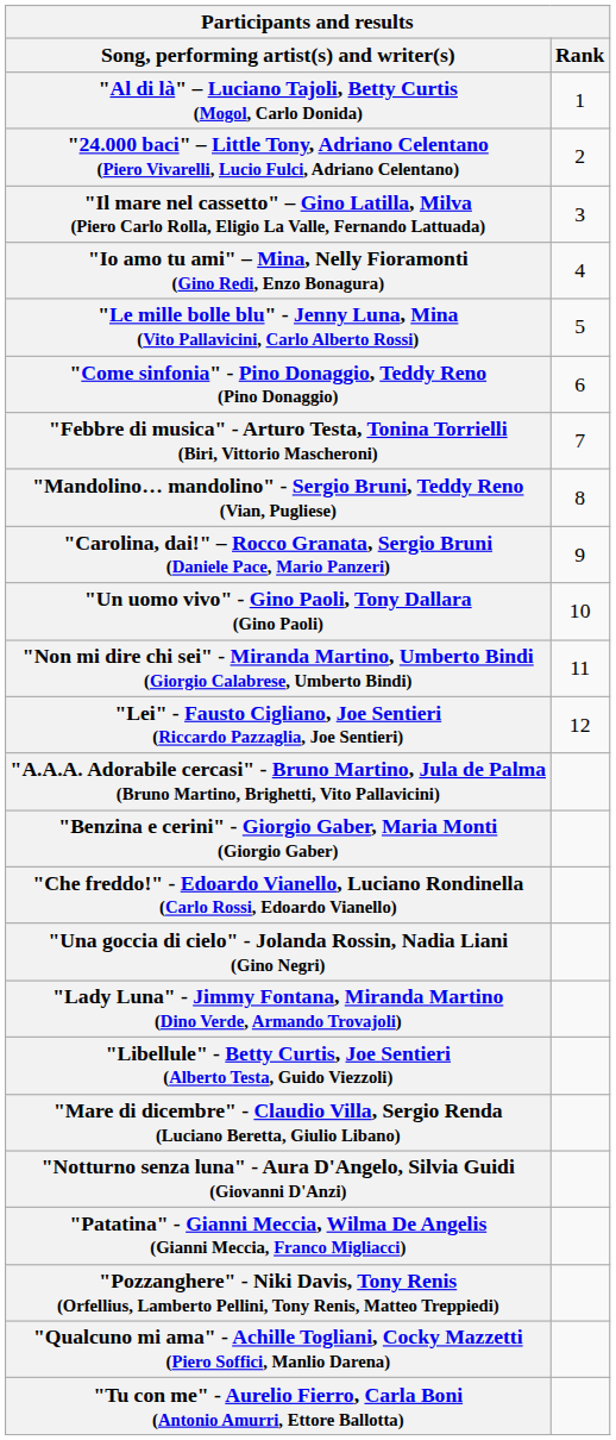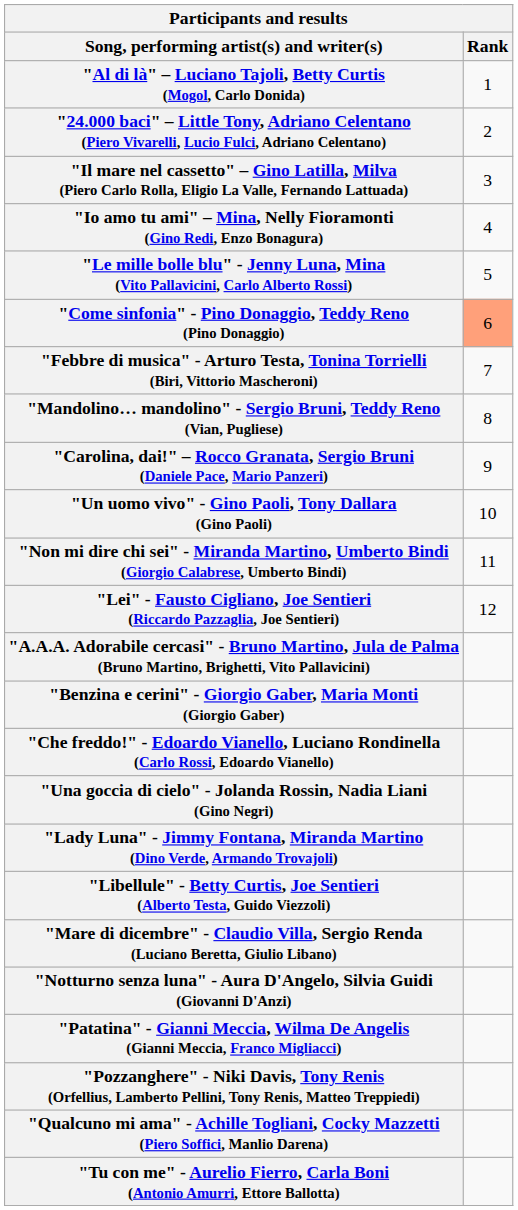 <table class="plainrowheaders wikitable">
 <tr>
 <th colspan="3">Participants and results</th>
 </tr>
 <tr>
 <th>Song, performing artist(s) and writer(s)</th>
 <th>Rank</th>
 </tr>
 <tr>
 <th scope="row">"<a href='#'>Al di là</a>" – <a href='#'>Luciano Tajoli</a>, <a href='#'>Betty Curtis</a>  <br><small> (<a href='#'>Mogol</a>, Carlo Donida) </small></th>
 <td style="text-align:center;">1</td>
 </tr>
 <tr>
 <th scope="row">"<a href='#'>24.000 baci</a>" – <a href='#'>Little Tony</a>, <a href='#'>Adriano Celentano</a>  <br><small>   (<a href='#'>Piero Vivarelli</a>, <a href='#'>Lucio Fulci</a>, Adriano Celentano)   </small></th>
 <td style="text-align:center;">2</td>
 </tr>
 <tr>
 <th scope="row">"Il mare nel cassetto" – <a href='#'>Gino Latilla</a>, <a href='#'>Milva</a>   <br><small> 	 (Piero Carlo Rolla, Eligio La Valle, Fernando Lattuada)</small></th>
 <td style="text-align:center;">3</td>
 </tr>
 <tr>
 <th scope="row">"Io amo tu ami"  –  	 <a href='#'>Mina</a>, Nelly Fioramonti  <br><small>   (<a href='#'>Gino Redi</a>, Enzo Bonagura)</small></th>
 <td style="text-align:center;">4</td>
 </tr>
 <tr>
 <th scope="row">"<a href='#'>Le mille bolle blu</a>" - <a href='#'>Jenny Luna</a>,   <a href='#'>Mina</a>   <br><small>    (<a href='#'>Vito Pallavicini</a>, <a href='#'>Carlo Alberto Rossi</a>)</small></th>
 <td style="text-align:center;">5</td>
 </tr>
 <tr>
 <th scope="row">"<a href='#'>Come sinfonia</a>" -  	<a href='#'>Pino Donaggio</a>, <a href='#'>Teddy Reno</a>  <br><small>   (Pino Donaggio)</small></th>
-<td style="text-align:center;">6</td>
+<td style="background: lightsalmon; text-align:center;">6</td>
 </tr>
 <tr>
 <th scope="row">"Febbre di musica" - Arturo Testa, <a href='#'>Tonina Torrielli</a>  <br><small>   (Biri, Vittorio Mascheroni)</small></th>
 <td style="text-align:center;">7</td>
 </tr>
 <tr>
 <th scope="row">"Mandolino… mandolino" -  <a href='#'>Sergio Bruni</a>, <a href='#'>Teddy Reno</a>   <br><small> 	 	 	 	(Vian, Pugliese)</small></th>
 <td style="text-align:center;">8</td>
 </tr>
 <tr>
 <th scope="row">"Carolina, dai!" – 	<a href='#'>Rocco Granata</a>, <a href='#'>Sergio Bruni</a>   <br><small>  	 	 	  (<a href='#'>Daniele Pace</a>, <a href='#'>Mario Panzeri</a>)</small></th>
 <td style="text-align:center;">9</td>
 </tr>
 <tr>
 <th scope="row">"Un uomo vivo" -  	<a href='#'>Gino Paoli</a>, <a href='#'>Tony Dallara</a>   <br><small>     (Gino Paoli)</small></th>
 <td style="text-align:center;">10</td>
 </tr>
 <tr>
 <th scope="row">"Non mi dire chi sei" - <a href='#'>Miranda Martino</a>, <a href='#'>Umberto Bindi</a>  <br><small>   (<a href='#'>Giorgio Calabrese</a>, Umberto Bindi)</small></th>
 <td style="text-align:center;">11</td>
 </tr>
 <tr>
 <th scope="row">"Lei" -   <a href='#'>Fausto Cigliano</a>, <a href='#'>Joe Sentieri</a> <br><small> 	  (<a href='#'>Riccardo Pazzaglia</a>, Joe Sentieri)</small></th>
 <td style="text-align:center;">12</td>
 </tr>
 <tr>
 <th scope="row">"A.A.A. Adorabile cercasi" -  <a href='#'>Bruno Martino</a>, <a href='#'>Jula de Palma</a> <br><small> 	  (Bruno Martino, Brighetti, Vito Pallavicini)</small></th>
 <td></td>
 </tr>
 <tr>
 <th scope="row">"Benzina e cerini" - <a href='#'>Giorgio Gaber</a>, <a href='#'>Maria Monti</a>  <br><small> 	(Giorgio Gaber)</small></th>
 <td></td>
 </tr>
 <tr>
 <th scope="row">"Che freddo!" - <a href='#'>Edoardo Vianello</a>, Luciano Rondinella  <br><small>  	  (<a href='#'>Carlo Rossi</a>, Edoardo Vianello)</small></th>
 <td></td>
 </tr>
 <tr>
 <th scope="row">"Una goccia di cielo" - Jolanda Rossin, Nadia Liani <br><small>  	 (Gino Negri)</small></th>
 <td></td>
 </tr>
 <tr>
 <th scope="row">"Lady Luna" - <a href='#'>Jimmy Fontana</a>, <a href='#'>Miranda Martino</a>     <br><small>  (<a href='#'>Dino Verde</a>, <a href='#'>Armando Trovajoli</a>) </small></th>
 <td></td>
 </tr>
 <tr>
 <th scope="row">"Libellule" -    <a href='#'>Betty Curtis</a>, <a href='#'>Joe Sentieri</a>  <br><small>   (<a href='#'>Alberto Testa</a>, Guido Viezzoli)</small></th>
 <td></td>
 </tr>
 <tr>
 <th scope="row">"Mare di dicembre" - <a href='#'>Claudio Villa</a>, Sergio Renda <br><small> 	  (Luciano Beretta, Giulio Libano)</small></th>
 <td></td>
 </tr>
 <tr>
 <th scope="row">"Notturno senza luna" -     Aura D'Angelo, Silvia Guidi  <br><small>  	 	 (Giovanni D'Anzi)</small></th>
 <td></td>
 </tr>
 <tr>
 <th scope="row">"Patatina" -     <a href='#'>Gianni Meccia</a>, <a href='#'>Wilma De Angelis</a> <br><small>  (Gianni Meccia, <a href='#'>Franco Migliacci</a>)</small></th>
 <td></td>
 </tr>
 <tr>
 <th scope="row">"Pozzanghere" -    Niki Davis, <a href='#'>Tony Renis</a> <br><small>  	  (Orfellius, Lamberto Pellini, Tony Renis, Matteo Treppiedi)</small></th>
 <td></td>
 </tr>
 <tr>
 <th scope="row">"Qualcuno mi ama" -    <a href='#'>Achille Togliani</a>, <a href='#'>Cocky Mazzetti</a>  <br><small>   	 (<a href='#'>Piero Soffici</a>, Manlio Darena)</small></th>
 <td></td>
 </tr>
 <tr>
 <th scope="row">"Tu con me" -     <a href='#'>Aurelio Fierro</a>, <a href='#'>Carla Boni</a>  <br><small>  	 (<a href='#'>Antonio Amurri</a>, Ettore Ballotta)</small></th>
 <td></td>
 </tr>
 <tr>
 </tr>
 </table>
